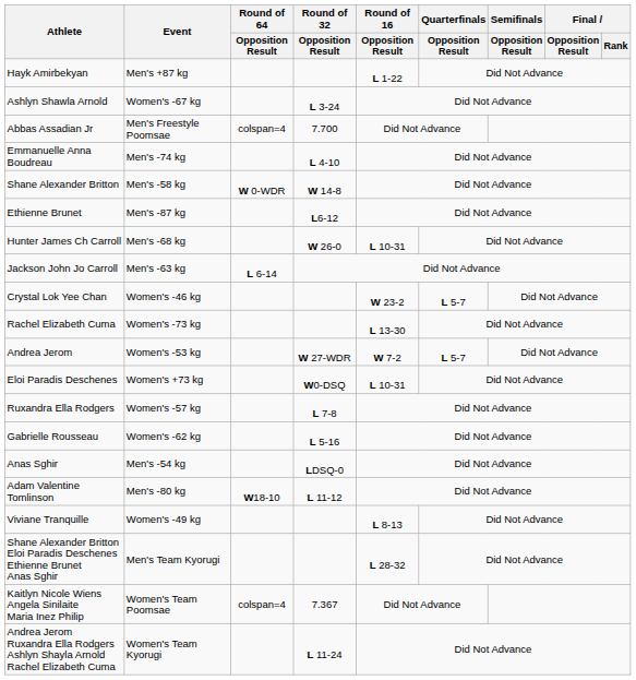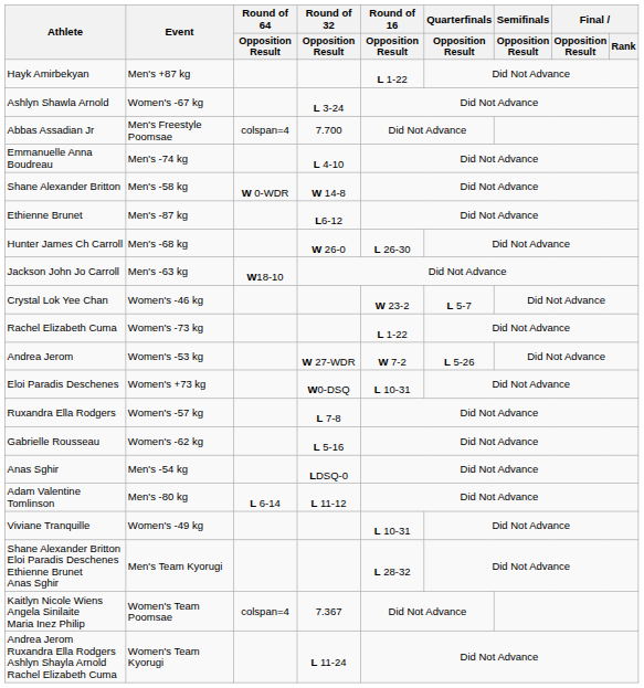 <table class="wikitable" style="font-size:90%">
 <tr>
 <th rowspan="2">Athlete</th>
 <th rowspan="2">Event</th>
 <th>Round of 64</th>
 <th>Round of 32</th>
 <th>Round of 16</th>
 <th>Quarterfinals</th>
 <th>Semifinals</th>
 <th colspan=2>Final / </th>
 </tr>
 <tr style="font-size:95%">
 <th>Opposition<br>Result</th>
 <th>Opposition<br>Result</th>
 <th>Opposition<br>Result</th>
 <th>Opposition<br>Result</th>
 <th>Opposition<br>Result</th>
 <th>Opposition<br>Result</th>
 <th>Rank</th>
 </tr>
 <tr align=center>
 <td align=left>Hayk Amirbekyan</td>
 <td align=left>Men's +87 kg</td>
 <td></td>
 <td></td>
 <td><br><strong>L</strong> 1-22</td>
 <td colspan=4>Did Not Advance</td>
 </tr>
 <tr align=center>
 <td align=left>Ashlyn Shawla Arnold</td>
 <td align=left>Women's -67 kg</td>
 <td></td>
 <td><br><strong>L</strong> 3-24</td>
 <td colspan=5>Did Not Advance</td>
 </tr>
 <tr align=center>
 <td align=left>Abbas Assadian Jr</td>
 <td align=left>Men's Freestyle Poomsae</td>
 <td>colspan=4 </td>
 <td>7.700</td>
 <td colspan=2>Did Not Advance</td>
 </tr>
 <tr align=center>
 <td align=left>Emmanuelle Anna Boudreau</td>
 <td align=left>Men's -74 kg</td>
 <td></td>
 <td><br><strong>L</strong> 4-10</td>
 <td colspan=5>Did Not Advance</td>
 </tr>
 <tr align=center>
 <td align=left>Shane Alexander Britton</td>
 <td align=left>Men's -58 kg</td>
 <td><br><strong>W</strong> 0-WDR</td>
 <td><br><strong>W</strong> 14-8</td>
 <td colspan=5>Did Not Advance</td>
 </tr>
 <tr align=center>
 <td align=left>Ethienne Brunet</td>
 <td align=left>Men's -87 kg</td>
 <td></td>
 <td><br><strong>L</strong>6-12</td>
 <td colspan=5>Did Not Advance</td>
 </tr>
 <tr align=center>
 <td align=left>Hunter James Ch Carroll</td>
 <td align=left>Men's -68 kg</td>
 <td></td>
 <td><br><strong>W</strong> 26-0</td>
-<td><br><strong>L</strong> 10-31</td>
+<td><br><strong>L</strong> 26-30</td>
 <td colspan=4>Did Not Advance</td>
 </tr>
 <tr align=center>
 <td align=left>Jackson John Jo Carroll</td>
 <td align=left>Men's -63 kg</td>
-<td><br><strong>L</strong> 6-14</td>
+<td><br><strong>W</strong>18-10</td>
 <td colspan=6>Did Not Advance</td>
 </tr>
 <tr align=center>
 <td align=left>Crystal Lok Yee Chan</td>
 <td align=left>Women's -46 kg</td>
 <td></td>
 <td></td>
 <td><br><strong>W</strong> 23-2</td>
 <td><br><strong>L</strong> 5-7</td>
 <td colspan=3>Did Not Advance</td>
 </tr>
 <tr align=center>
 <td align=left>Rachel Elizabeth Cuma</td>
 <td align=left>Women's -73 kg</td>
 <td></td>
 <td></td>
-<td><br><strong>L</strong> 13-30</td>
+<td><br><strong>L</strong> 1-22</td>
 <td colspan=4>Did Not Advance</td>
 </tr>
 <tr align=center>
 <td align=left>Andrea Jerom</td>
 <td align=left>Women's -53 kg</td>
 <td></td>
 <td><br><strong>W</strong> 27-WDR</td>
 <td><br><strong>W</strong> 7-2</td>
-<td><br><strong>L</strong> 5-7</td>
+<td><br><strong>L</strong> 5-26</td>
 <td colspan=3>Did Not Advance</td>
 </tr>
 <tr align=center>
 <td align=left>Eloi Paradis Deschenes</td>
 <td align=left>Women's +73 kg</td>
 <td></td>
 <td><br><strong>W</strong>0-DSQ</td>
 <td><br><strong>L</strong> 10-31</td>
 <td colspan=4>Did Not Advance</td>
 </tr>
 <tr align=center>
 <td align=left>Ruxandra Ella Rodgers</td>
 <td align=left>Women's -57 kg</td>
 <td></td>
 <td><br><strong>L</strong> 7-8</td>
 <td colspan=5>Did Not Advance</td>
 </tr>
 <tr align=center>
 <td align=left>Gabrielle Rousseau</td>
 <td align=left>Women's -62 kg</td>
 <td></td>
 <td><br><strong>L</strong> 5-16</td>
 <td colspan=5>Did Not Advance</td>
 </tr>
 <tr align=center>
 <td align=left>Anas Sghir</td>
 <td align=left>Men's -54 kg</td>
 <td></td>
 <td><br><strong>L</strong>DSQ-0</td>
 <td colspan=5>Did Not Advance</td>
 </tr>
 <tr align=center>
 <td align=left>Adam Valentine Tomlinson</td>
 <td align=left>Men's -80 kg</td>
-<td><br><strong>W</strong>18-10</td>
+<td><br><strong>L</strong> 6-14</td>
 <td><br><strong>L</strong> 11-12</td>
 <td colspan=5>Did Not Advance</td>
 </tr>
 <tr align=center>
 <td align=left>Viviane Tranquille</td>
 <td align=left>Women's -49 kg</td>
 <td></td>
 <td></td>
-<td><br><strong>L</strong> 8-13</td>
+<td><br><strong>L</strong> 10-31</td>
 <td colspan=4>Did Not Advance</td>
 </tr>
 <tr align=center>
 <td align=left>Shane Alexander Britton<br>Eloi Paradis Deschenes<br>Ethienne Brunet<br>Anas Sghir</td>
 <td align=left>Men's Team Kyorugi</td>
 <td></td>
 <td></td>
 <td><br><strong>L</strong> 28-32</td>
 <td colspan=4>Did Not Advance</td>
 </tr>
 <tr align=center>
 <td align=left>Kaitlyn Nicole Wiens<br>Angela Sinilaite<br>Maria Inez Philip</td>
 <td align=left>Women's Team Poomsae</td>
 <td>colspan=4 </td>
 <td>7.367</td>
 <td colspan=2>Did Not Advance</td>
 </tr>
 <tr align=center>
 <td align=left>Andrea Jerom<br>Ruxandra Ella Rodgers<br>Ashlyn Shayla Arnold<br>Rachel Elizabeth Cuma</td>
 <td align=left>Women's Team Kyorugi</td>
 <td></td>
 <td><br><strong>L</strong> 11-24</td>
 <td colspan=5>Did Not Advance</td>
 </tr>
 </table>
